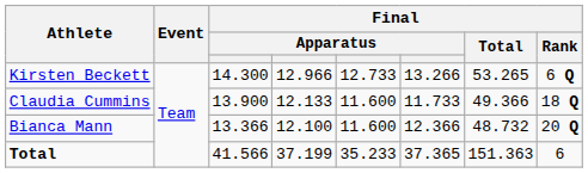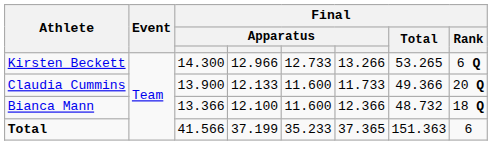 <table class="wikitable" style="font-size:90%">
 <tr>
 <th rowspan=3>Athlete</th>
 <th rowspan=3>Event</th>
 <th colspan=6>Final</th>
 </tr>
 <tr style="font-size:95%">
 <th colspan=4>Apparatus</th>
 <th rowspan=2>Total</th>
 <th rowspan=2>Rank</th>
 </tr>
 <tr style="font-size:95%">
 <th></th>
 <th></th>
 <th></th>
 <th></th>
 </tr>
 <tr align=center>
 <td align=left><a href='#'>Kirsten Beckett</a></td>
 <td align=left rowspan=4><a href='#'>Team</a></td>
 <td>14.300</td>
 <td>12.966</td>
 <td>12.733</td>
 <td>13.266</td>
 <td>53.265</td>
 <td>6 <strong>Q</strong></td>
 </tr>
 <tr align=center>
 <td align=left><a href='#'>Claudia Cummins</a></td>
 <td>13.900</td>
 <td>12.133</td>
 <td>11.600</td>
 <td>11.733</td>
 <td>49.366</td>
-<td>18 <strong>Q</strong></td>
+<td>20 <strong>Q</strong></td>
 </tr>
 <tr align=center>
 <td align=left><a href='#'>Bianca Mann</a></td>
 <td>13.366</td>
 <td>12.100</td>
 <td>11.600</td>
 <td>12.366</td>
 <td>48.732</td>
-<td>20 <strong>Q</strong></td>
+<td>18 <strong>Q</strong></td>
 </tr>
 <tr align=center>
 <td align=left><strong>Total</strong></td>
 <td>41.566</td>
 <td>37.199</td>
 <td>35.233</td>
 <td>37.365</td>
 <td>151.363</td>
 <td>6</td>
 </tr>
 </table>
